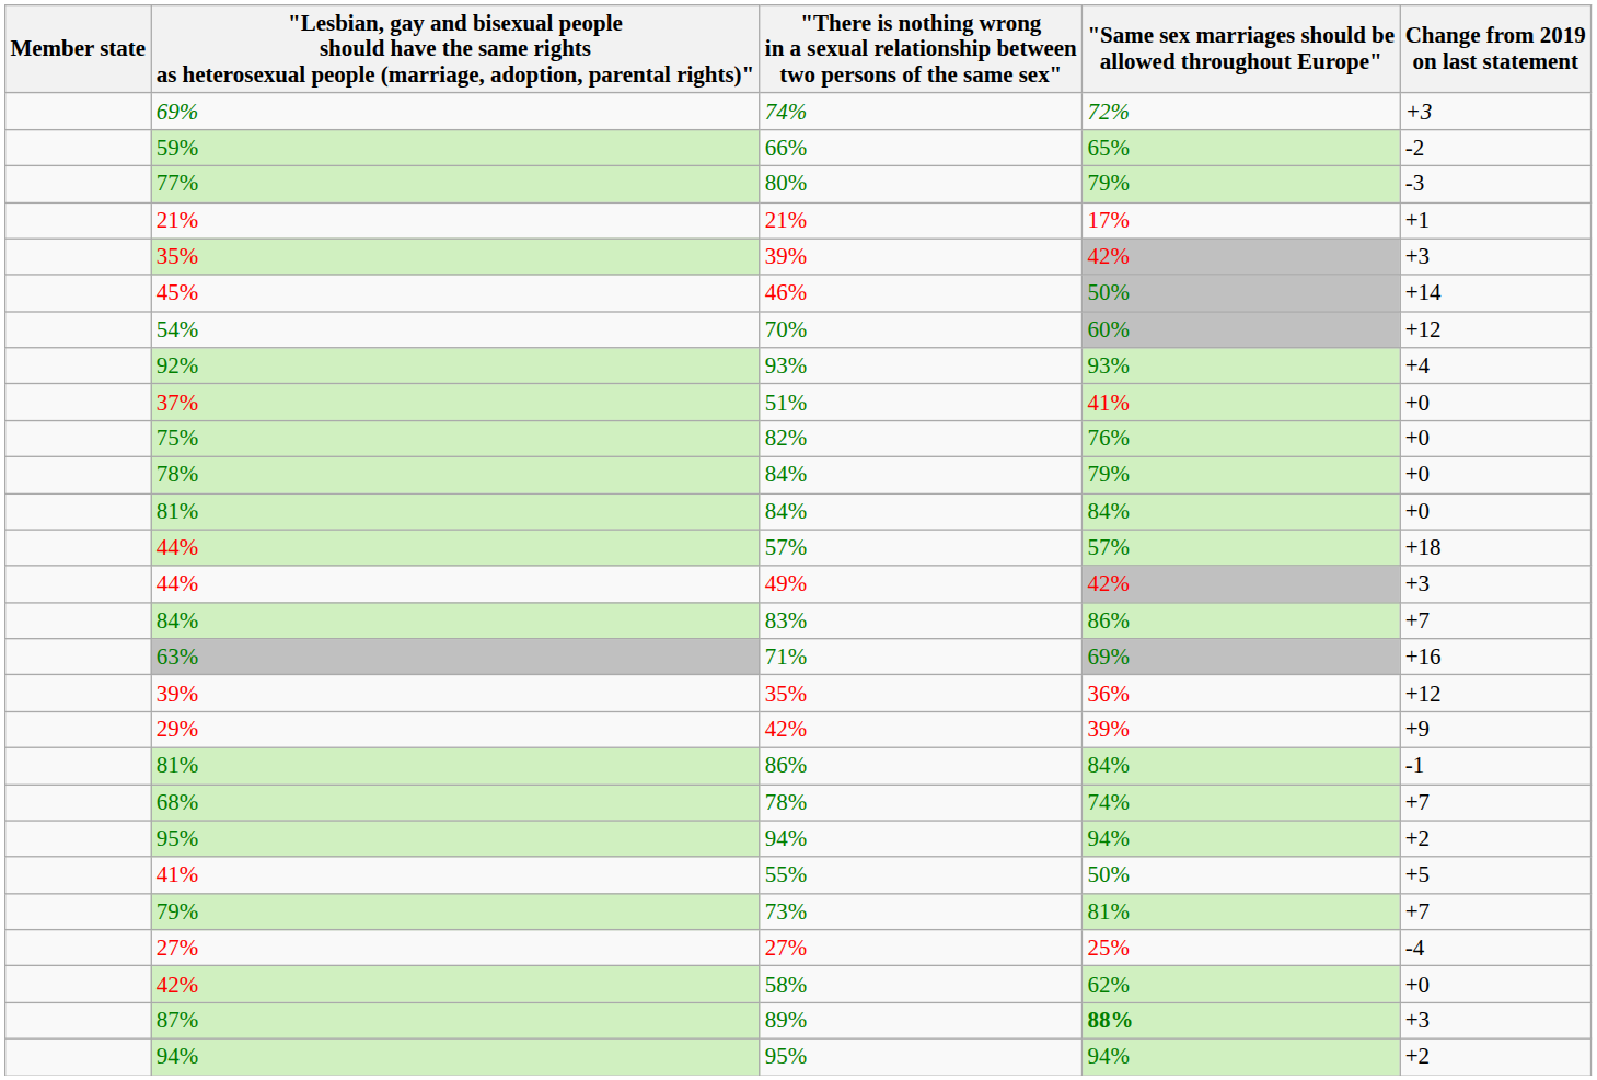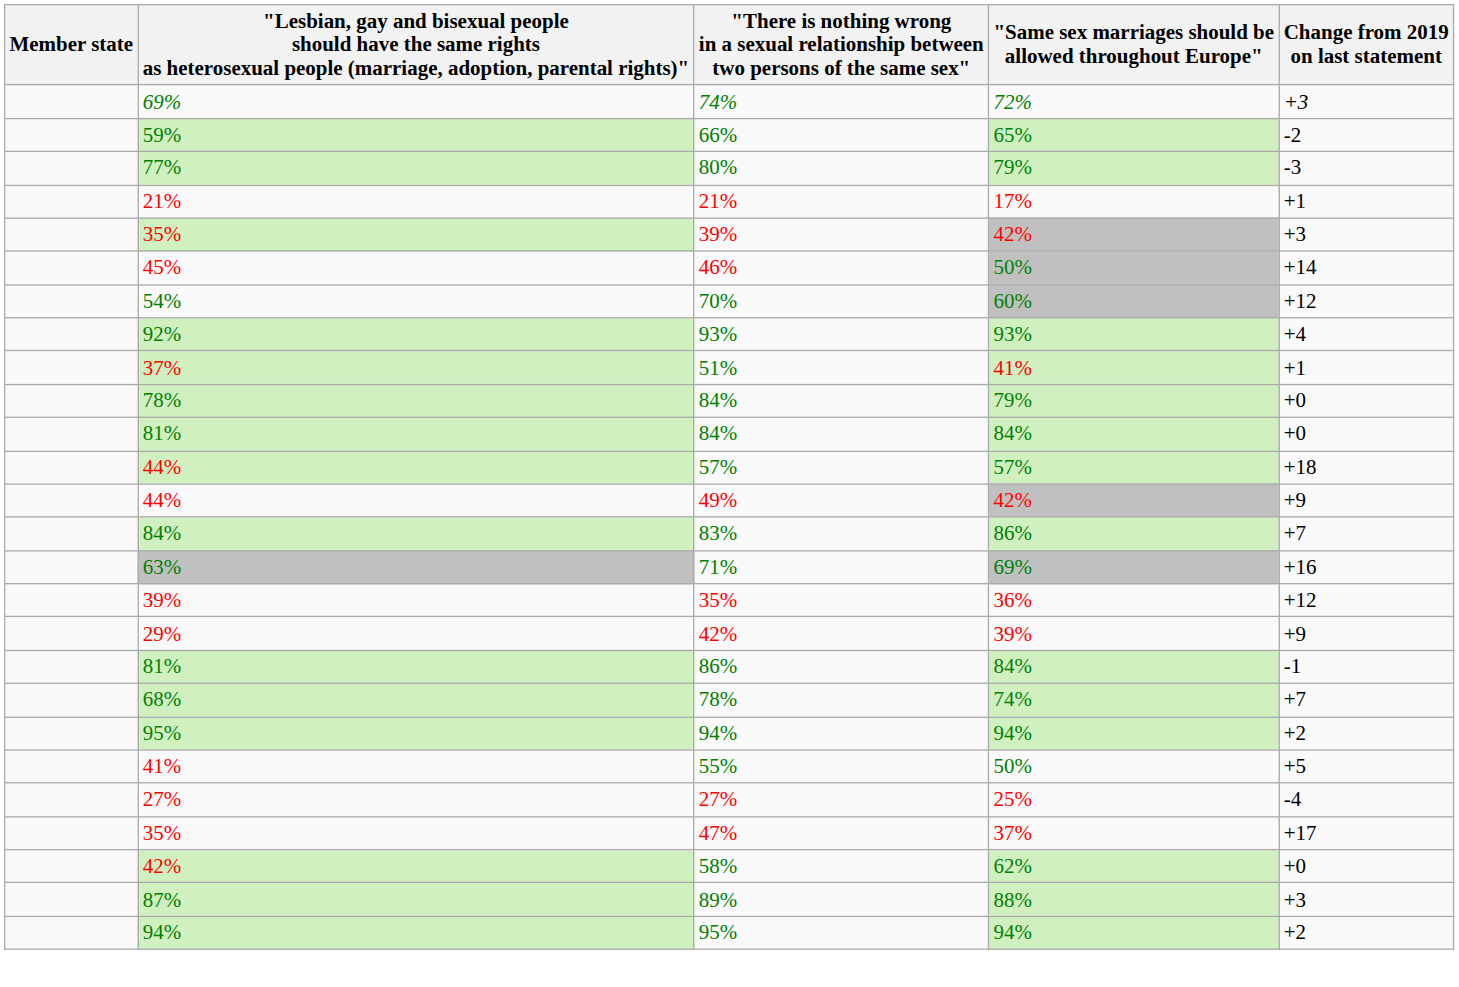 <table class="wikitable sortable">
 <tr>
 <th>Member state</th>
 <th>"Lesbian, gay and bisexual people<br>should have the same rights<br>as heterosexual people (marriage, adoption, parental rights)" </th>
 <th>"There is nothing wrong<br>in a sexual relationship between<br>two persons of the same sex"</th>
 <th>"Same sex marriages should be<br>allowed throughout Europe"</th>
 <th>Change from 2019<br>on last statement</th>
 </tr>
 <tr style="font-style:italic;">
 <td></td>
 <td span style="color:green;">69%</td>
 <td style="color:green; " span>74%</td>
 <td style="color:green; " span>72%</td>
 <td>+3</td>
 </tr>
 <tr>
 <td></td>
 <td span style="color:green; background:#D0F0C0">59%</td>
 <td style="color:green; " span>66%</td>
 <td span style="color:green; background:#D0F0C0">65%</td>
 <td>-2</td>
 </tr>
 <tr>
 <td></td>
 <td span style="color:green; background:#D0F0C0">77%</td>
 <td style="color:green; " span>80%</td>
 <td style="color:green; background:#D0F0C0" span>79%</td>
 <td>-3</td>
 </tr>
 <tr>
 <td></td>
 <td span style="color:red;">21%</td>
 <td style="color:red " span>21%</td>
 <td style="color:red " span>17%</td>
 <td>+1</td>
 </tr>
 <tr>
 <td></td>
 <td span style="color:red; background:#D0F0C0">35%</td>
 <td style="color:red " span>39%</td>
 <td style="color:red; background:#C0C0C0" span>42%</td>
 <td>+3</td>
 </tr>
 <tr>
 <td></td>
 <td span style="color:red;">45%</td>
 <td style="color:red " span>46%</td>
 <td style="color:green; background:#C0C0C0" sspan>50%</td>
 <td>+14</td>
 </tr>
 <tr>
 <td></td>
 <td span style="color:green;">54%</td>
 <td style="color:green; " span>70%</td>
 <td style="color:green; background:#C0C0C0" sspan>60%</td>
 <td>+12</td>
 </tr>
 <tr>
 <td></td>
 <td span style="color:green; background:#D0F0C0">92%</td>
 <td style="color:green; " span>93%</td>
 <td style="color:green; background:#D0F0C0" span>93%</td>
 <td>+4</td>
 </tr>
 <tr>
 <td></td>
 <td span style="color:red; background:#D0F0C0">37%</td>
 <td style="color:green; " span>51%</td>
 <td style="color:red; background:#D0F0C0" span>41%</td>
-<td>+0</td>
-</tr>
-<tr>
-<td></td>
-<td span style="color:green; background:#D0F0C0">75%</td>
-<td style="color:green; " span>82%</td>
-<td style="color:green; background:#D0F0C0" span>76%</td>
-<td>+0</td>
+<td>+1</td>
 </tr>
 <tr>
 <td></td>
 <td span style="color:green; background:#D0F0C0">78%</td>
 <td style="color:green; " span>84%</td>
 <td style="color:green; background:#D0F0C0" span>79%</td>
 <td>+0</td>
 </tr>
 <tr>
 <td></td>
 <td span style="color:green; background:#D0F0C0">81%</td>
 <td style="color:green; " span>84%</td>
 <td style="color:green; background:#D0F0C0" span>84%</td>
 <td>+0</td>
 </tr>
 <tr>
 <td></td>
 <td span style="color:red; background:#D0F0C0">44%</td>
 <td style="color:green " span>57%</td>
 <td style="color:green; background:#D0F0C0" span>57%</td>
 <td>+18</td>
 </tr>
 <tr>
 <td></td>
 <td span style="color:red;">44%</td>
 <td style="color:red " span>49%</td>
 <td style="color:red; background:#C0C0C0" span>42%</td>
-<td>+3</td>
+<td>+9</td>
 </tr>
 <tr>
 <td></td>
 <td span style="color:green; background:#D0F0C0">84%</td>
 <td style="color:green; " span>83%</td>
 <td style="color:green; background:#D0F0C0" span>86%</td>
 <td>+7</td>
 </tr>
 <tr>
 <td></td>
 <td span style="color:green; background:#C0C0C0">63%</td>
 <td style="color:green; " span>71%</td>
 <td style="color:green; background:#C0C0C0" span>69%</td>
 <td>+16</td>
 </tr>
 <tr>
 <td></td>
 <td span style="color:red;">39%</td>
 <td style="color:red " span>35%</td>
 <td style="color:red " span>36%</td>
 <td>+12</td>
 </tr>
 <tr>
 <td></td>
 <td span style="color:red;">29%</td>
 <td style="color:red " span>42%</td>
 <td style="color:red " span>39%</td>
 <td>+9</td>
 </tr>
 <tr>
 <td></td>
 <td span style="color:green; background:#D0F0C0">81%</td>
 <td style="color:green; " span>86%</td>
 <td style="color:green; background:#D0F0C0" span>84%</td>
 <td>-1</td>
 </tr>
 <tr>
 <td></td>
 <td span style="color:green; background:#D0F0C0">68%</td>
 <td style="color:green; " span>78%</td>
 <td style="color:green; background:#D0F0C0" span>74%</td>
 <td>+7</td>
 </tr>
 <tr>
 <td></td>
 <td span style="color:green; background:#D0F0C0">95%</td>
 <td style="color:green; " span>94%</td>
 <td style="color:green; background:#D0F0C0" span>94%</td>
 <td>+2</td>
 </tr>
 <tr>
 <td></td>
 <td span style="color:red;">41%</td>
 <td style="color:green; " span>55%</td>
 <td style="color:green " span>50%</td>
 <td>+5</td>
 </tr>
 <tr>
 <td></td>
-<td span style="color:green; background:#D0F0C0">79%</td>
-<td style="color:green; " span>73%</td>
-<td style="color:green; background:#D0F0C0" span>81%</td>
-<td>+7</td>
-</tr>
-<tr>
-<td></td>
 <td span style="color:red">27%</td>
 <td style="color:red " span>27%</td>
 <td style="color:red " span>25%</td>
 <td>-4</td>
+</tr>
+<tr>
+<td></td>
+<td span style="color:red">35%</td>
+<td style="color:red " span>47%</td>
+<td style="color:red " span>37%</td>
+<td>+17</td>
 </tr>
 <tr>
 <td></td>
 <td span style="color:red; background:#D0F0C0">42%</td>
 <td style="color:green; " span>58%</td>
 <td style="color:green; background:#D0F0C0" span>62%</td>
 <td>+0</td>
 </tr>
 <tr>
 <td></td>
 <td span style="color:green; background:#D0F0C0">87%</td>
 <td style="color:green; " span>89%</td>
-<td span style="color:green; background:#D0F0C0"><strong>88%</strong></td>
+<td span style="color:green; background:#D0F0C0">88%</td>
 <td>+3</td>
 </tr>
 <tr>
 <td></td>
 <td span style="color:green; background:#D0F0C0">94%</td>
 <td style="color:green; " span>95%</td>
 <td span style="color:green; background:#D0F0C0">94%</td>
 <td>+2</td>
 </tr>
 </table>
